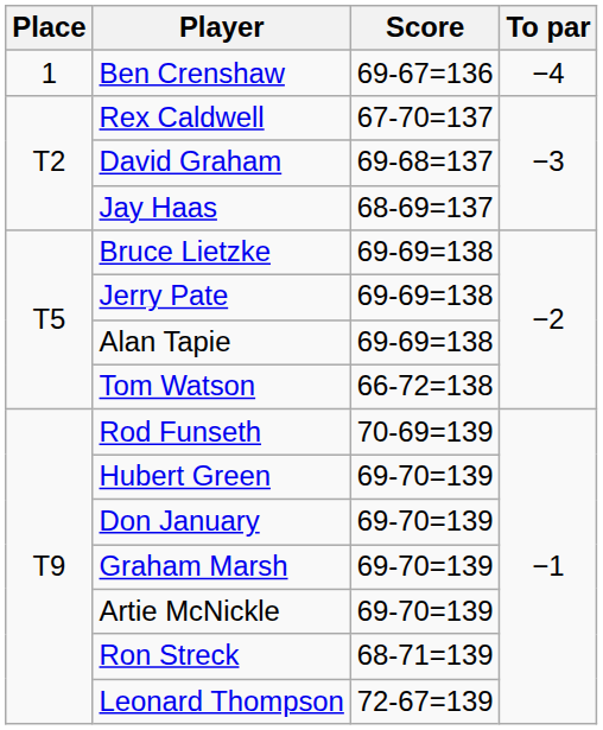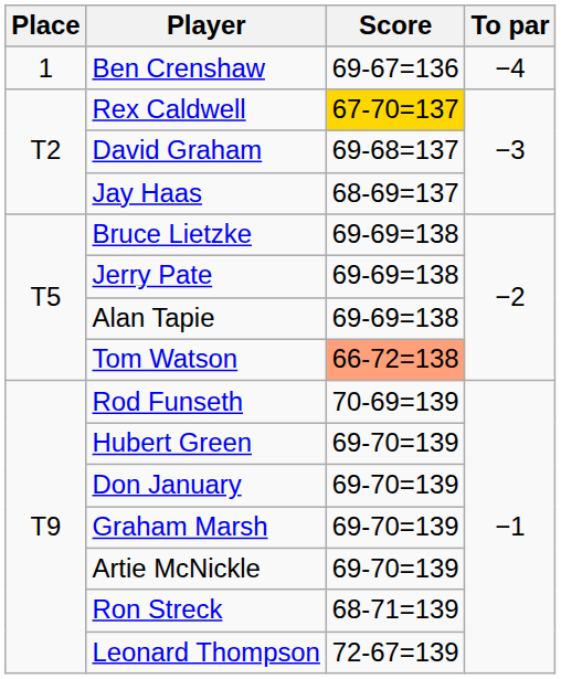 <table class=wikitable>
 <tr>
 <th>Place</th>
 <th>Player</th>
 <th>Score</th>
 <th>To par</th>
 </tr>
 <tr>
 <td align=center>1</td>
 <td> <a href='#'>Ben Crenshaw</a></td>
 <td>69-67=136</td>
 <td align=center>−4</td>
 </tr>
 <tr>
 <td rowspan=3 align=center>T2</td>
 <td> <a href='#'>Rex Caldwell</a></td>
-<td>67-70=137</td>
+<td style="background: gold;">67-70=137</td>
 <td rowspan=3 align=center>−3</td>
 </tr>
 <tr>
 <td> <a href='#'>David Graham</a></td>
 <td>69-68=137</td>
 </tr>
 <tr>
 <td> <a href='#'>Jay Haas</a></td>
 <td>68-69=137</td>
 </tr>
 <tr>
 <td rowspan=4 align=center>T5</td>
 <td> <a href='#'>Bruce Lietzke</a></td>
 <td>69-69=138</td>
 <td rowspan=4 align=center>−2</td>
 </tr>
 <tr>
 <td> <a href='#'>Jerry Pate</a></td>
 <td>69-69=138</td>
 </tr>
 <tr>
 <td> Alan Tapie</td>
 <td>69-69=138</td>
 </tr>
 <tr>
 <td> <a href='#'>Tom Watson</a></td>
-<td>66-72=138</td>
+<td style="background: lightsalmon;">66-72=138</td>
 </tr>
 <tr>
 <td rowspan=7 align=center>T9</td>
 <td> <a href='#'>Rod Funseth</a></td>
 <td>70-69=139</td>
 <td rowspan=7 align=center>−1</td>
 </tr>
 <tr>
 <td> <a href='#'>Hubert Green</a></td>
 <td>69-70=139</td>
 </tr>
 <tr>
 <td> <a href='#'>Don January</a></td>
 <td>69-70=139</td>
 </tr>
 <tr>
 <td> <a href='#'>Graham Marsh</a></td>
 <td>69-70=139</td>
 </tr>
 <tr>
 <td> Artie McNickle</td>
 <td>69-70=139</td>
 </tr>
 <tr>
 <td> <a href='#'>Ron Streck</a></td>
 <td>68-71=139</td>
 </tr>
 <tr>
 <td> <a href='#'>Leonard Thompson</a></td>
 <td>72-67=139</td>
 </tr>
 </table>
